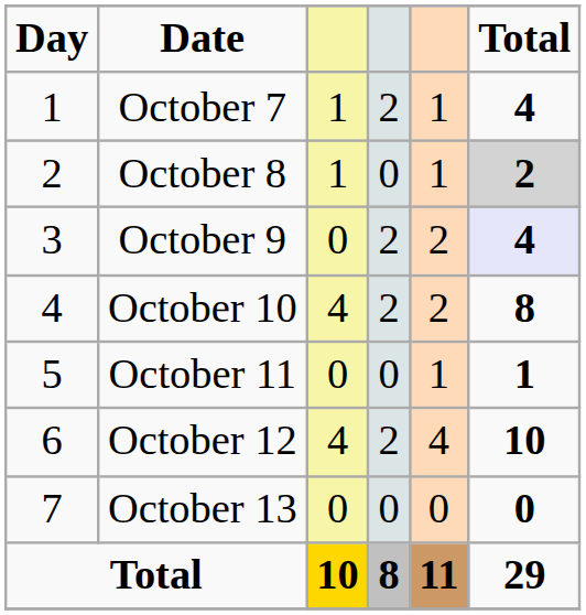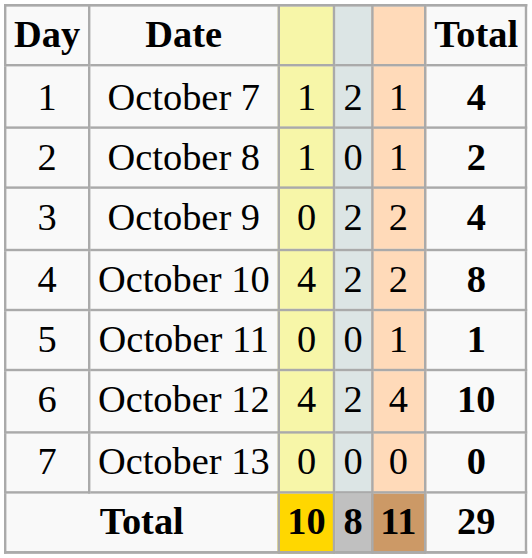 <table class=wikitable style="font-size:100%; text-align:center">
 <tr>
 </tr>
 <tr>
 <td><strong>Day</strong></td>
 <td><strong>Date</strong></td>
 <td bgcolor=F7F6A8></td>
 <td bgcolor=DCE5E5></td>
 <td bgcolor=FFDAB9></td>
 <td><strong>Total</strong></td>
 </tr>
 <tr>
 <td>1</td>
 <td>October 7</td>
 <td bgcolor=F7F6A8>1</td>
 <td bgcolor=DCE5E5>2</td>
 <td bgcolor=FFDAB9>1</td>
 <td><strong>4</strong></td>
 </tr>
 <tr>
 <td>2</td>
 <td>October 8</td>
 <td bgcolor=F7F6A8>1</td>
 <td bgcolor=DCE5E5>0</td>
 <td bgcolor=FFDAB9>1</td>
-<td style="background: lightgrey;"><strong>2</strong></td>
+<td><strong>2</strong></td>
 </tr>
 <tr>
 <td>3</td>
 <td>October 9</td>
 <td bgcolor=F7F6A8>0</td>
 <td bgcolor=DCE5E5>2</td>
 <td bgcolor=FFDAB9>2</td>
-<td style="background: lavender;"><strong>4</strong></td>
+<td><strong>4</strong></td>
 </tr>
 <tr>
 <td>4</td>
 <td>October 10</td>
 <td bgcolor=F7F6A8>4</td>
 <td bgcolor=DCE5E5>2</td>
 <td bgcolor=FFDAB9>2</td>
 <td><strong>8</strong></td>
 </tr>
 <tr>
 <td>5</td>
 <td>October 11</td>
 <td bgcolor=F7F6A8>0</td>
 <td bgcolor=DCE5E5>0</td>
 <td bgcolor=FFDAB9>1</td>
 <td><strong>1</strong></td>
 </tr>
 <tr>
 <td>6</td>
 <td>October 12</td>
 <td bgcolor=F7F6A8>4</td>
 <td bgcolor=DCE5E5>2</td>
 <td bgcolor=FFDAB9>4</td>
 <td><strong>10</strong></td>
 </tr>
 <tr>
 <td>7</td>
 <td>October 13</td>
 <td bgcolor=F7F6A8>0</td>
 <td bgcolor=DCE5E5>0</td>
 <td bgcolor=FFDAB9>0</td>
 <td><strong>0</strong></td>
 </tr>
 <tr>
 <td colspan=2><strong>Total</strong></td>
 <td style="background:gold;"><strong>10</strong></td>
 <td style="background:silver;"><strong>8</strong></td>
 <td style="background:#c96;"><strong>11</strong></td>
 <td><strong>29</strong></td>
 </tr>
 <tr>
 </tr>
 </table>
